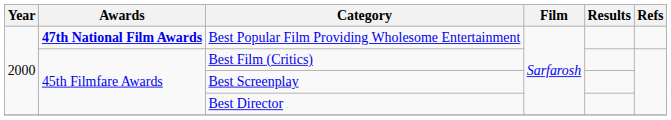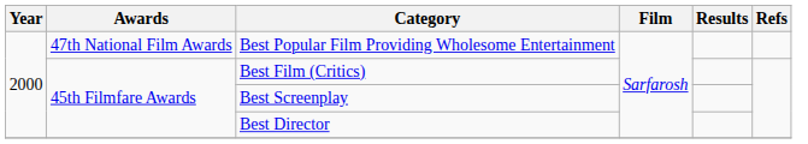 <table class="wikitable">
 <tr>
 <th>Year</th>
 <th>Awards</th>
 <th>Category</th>
 <th>Film</th>
 <th>Results</th>
 <th>Refs</th>
 </tr>
 <tr>
 <td rowspan=4>2000</td>
-<td><strong><a href='#'>47th National Film Awards</a></strong></td>
+<td><a href='#'>47th National Film Awards</a></td>
 <td><a href='#'>Best Popular Film Providing Wholesome Entertainment</a></td>
 <td rowspan=4><em><a href='#'>Sarfarosh</a></em></td>
 <td></td>
 <td></td>
 </tr>
 <tr>
 <td rowspan=3><a href='#'>45th Filmfare Awards</a></td>
 <td><a href='#'>Best Film (Critics)</a></td>
 <td></td>
 <td rowspan=3></td>
 </tr>
 <tr>
 <td><a href='#'>Best Screenplay</a></td>
 <td></td>
 </tr>
 <tr>
 <td><a href='#'>Best Director</a></td>
 <td></td>
 </tr>
 <tr>
 </tr>
 </table>
